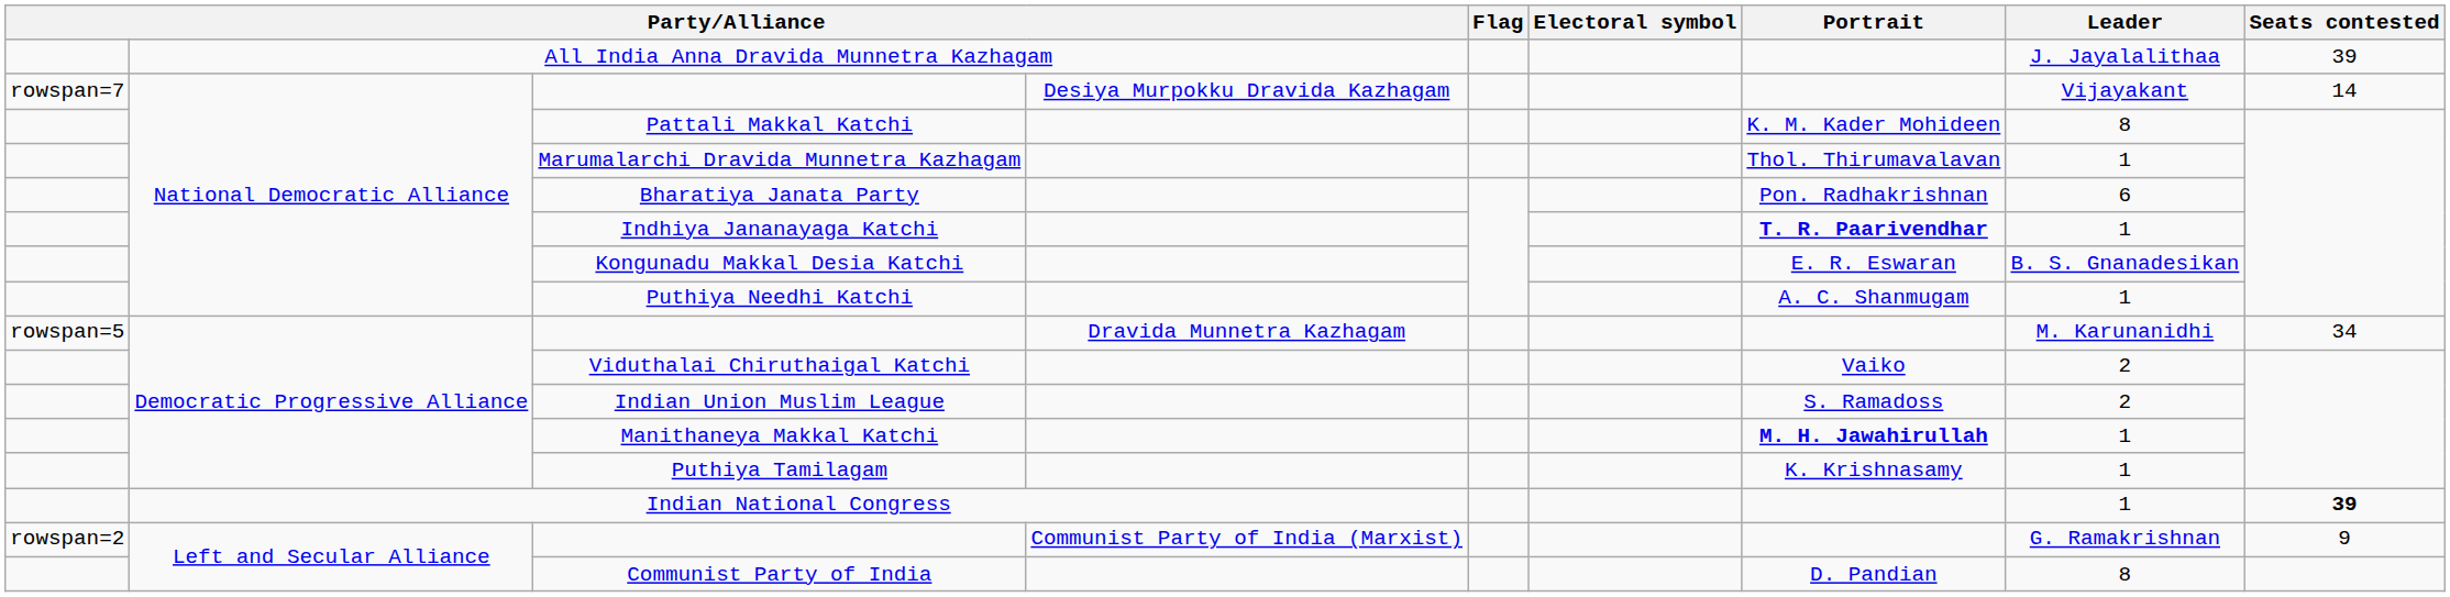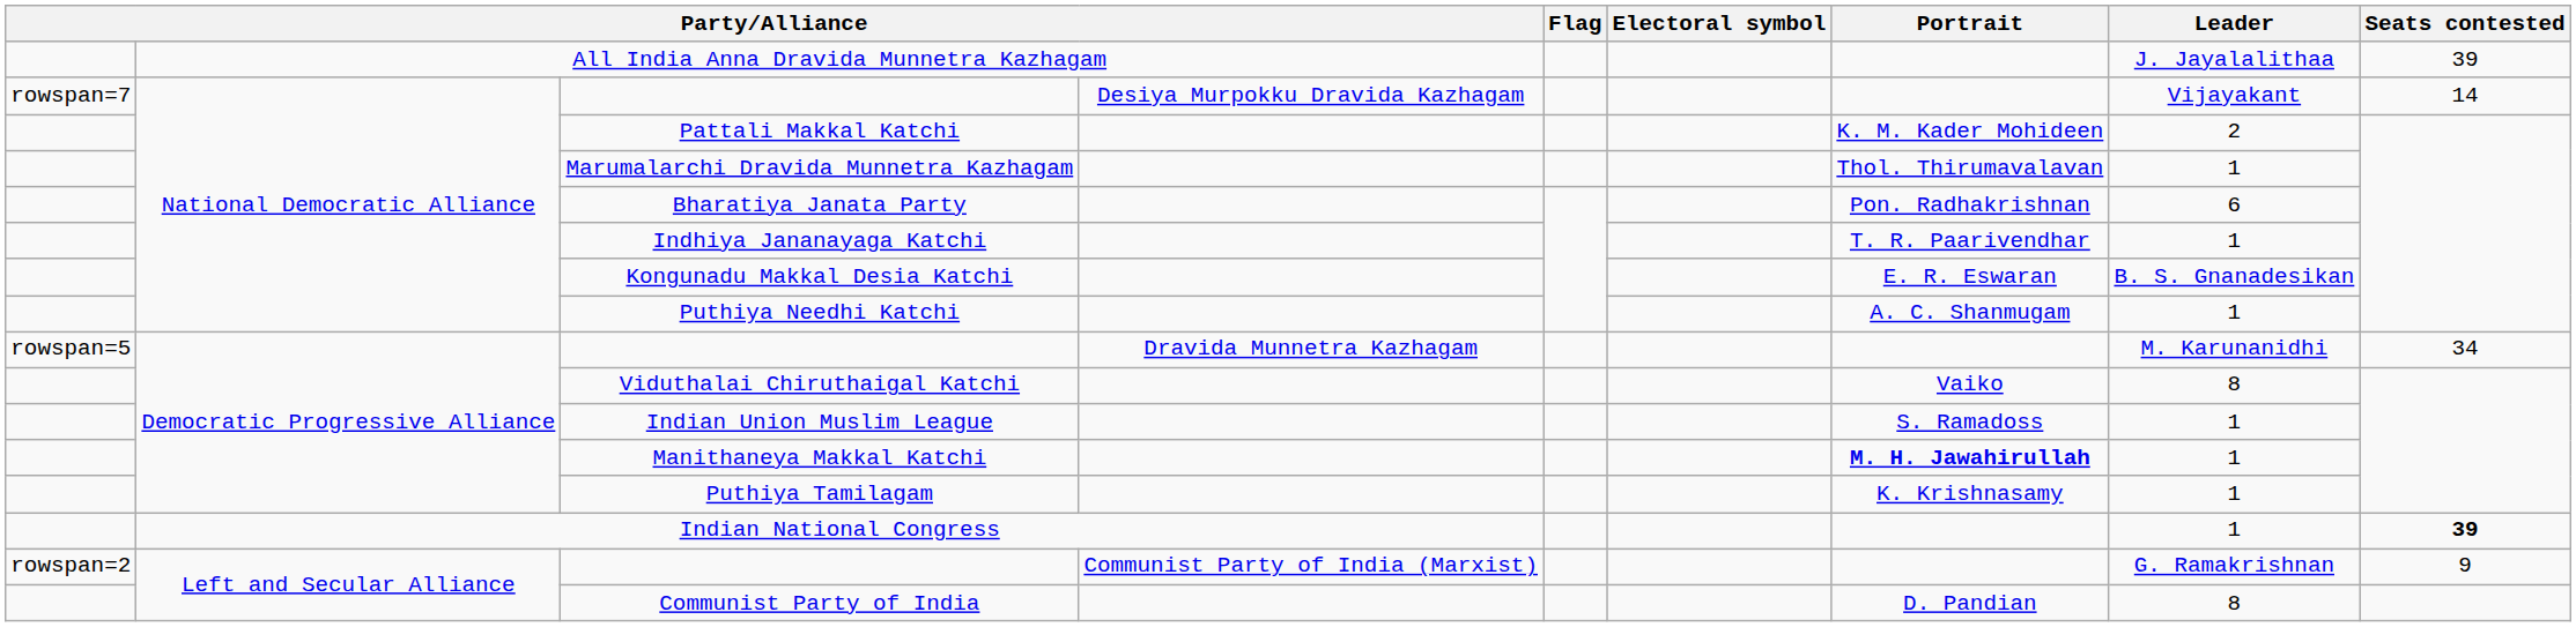 <table class="wikitable sortable" style="text-align:center;">
 <tr>
 <th colspan=4>Party/Alliance</th>
 <th>Flag</th>
 <th>Electoral symbol</th>
 <th>Portrait</th>
 <th>Leader</th>
 <th>Seats contested</th>
 </tr>
 <tr>
 <td></td>
 <td colspan=3><a href='#'>All India Anna Dravida Munnetra Kazhagam</a></td>
 <td></td>
 <td></td>
 <td></td>
 <td><a href='#'>J. Jayalalithaa</a></td>
 <td>39</td>
 </tr>
 <tr>
 <td>rowspan=7 </td>
 <td rowspan=7><a href='#'>National Democratic Alliance</a></td>
 <td></td>
 <td><a href='#'>Desiya Murpokku Dravida Kazhagam</a></td>
 <td></td>
 <td></td>
 <td></td>
 <td><a href='#'>Vijayakant</a></td>
 <td>14</td>
 </tr>
 <tr>
 <td></td>
 <td><a href='#'>Pattali Makkal Katchi</a></td>
 <td></td>
 <td></td>
 <td></td>
 <td><a href='#'>K. M. Kader Mohideen</a></td>
-<td>8</td>
+<td>2</td>
 </tr>
 <tr>
 <td></td>
 <td><a href='#'>Marumalarchi Dravida Munnetra Kazhagam</a></td>
 <td></td>
 <td></td>
 <td></td>
 <td><a href='#'>Thol. Thirumavalavan</a></td>
 <td>1</td>
 </tr>
 <tr>
 <td></td>
 <td><a href='#'>Bharatiya Janata Party</a></td>
 <td></td>
 <td rowspan=4></td>
 <td></td>
 <td><a href='#'>Pon. Radhakrishnan</a></td>
 <td>6</td>
 </tr>
 <tr>
 <td></td>
 <td><a href='#'>Indhiya Jananayaga Katchi</a></td>
 <td></td>
 <td></td>
-<td><strong><a href='#'>T. R. Paarivendhar</a></strong></td>
+<td><a href='#'>T. R. Paarivendhar</a></td>
 <td>1</td>
 </tr>
 <tr>
 <td></td>
 <td><a href='#'>Kongunadu Makkal Desia Katchi</a></td>
 <td></td>
 <td></td>
 <td><a href='#'>E. R. Eswaran</a></td>
 <td><a href='#'>B. S. Gnanadesikan</a></td>
 </tr>
 <tr>
 <td></td>
 <td><a href='#'>Puthiya Needhi Katchi</a></td>
 <td></td>
 <td></td>
 <td><a href='#'>A. C. Shanmugam</a></td>
 <td>1</td>
 </tr>
 <tr>
 <td>rowspan=5 </td>
 <td rowspan=5><a href='#'>Democratic Progressive Alliance</a></td>
 <td></td>
 <td><a href='#'>Dravida Munnetra Kazhagam</a></td>
 <td></td>
 <td></td>
 <td></td>
 <td><a href='#'>M. Karunanidhi</a></td>
 <td>34</td>
 </tr>
 <tr>
 <td></td>
 <td><a href='#'>Viduthalai Chiruthaigal Katchi</a></td>
 <td></td>
 <td></td>
 <td></td>
 <td><a href='#'>Vaiko</a></td>
-<td>2</td>
+<td>8</td>
 </tr>
 <tr>
 <td></td>
 <td><a href='#'>Indian Union Muslim League</a></td>
 <td></td>
 <td></td>
 <td></td>
 <td><a href='#'>S. Ramadoss</a></td>
-<td>2</td>
+<td>1</td>
 </tr>
 <tr>
 <td></td>
 <td><a href='#'>Manithaneya Makkal Katchi</a></td>
 <td></td>
 <td></td>
 <td></td>
 <td><strong><a href='#'>M. H. Jawahirullah</a></strong></td>
 <td>1</td>
 </tr>
 <tr>
 <td></td>
 <td><a href='#'>Puthiya Tamilagam</a></td>
 <td></td>
 <td></td>
 <td></td>
 <td><a href='#'>K. Krishnasamy</a></td>
 <td>1</td>
 </tr>
 <tr>
 <td></td>
 <td colspan=3><a href='#'>Indian National Congress</a></td>
 <td></td>
 <td></td>
 <td></td>
 <td>1</td>
 <td><strong>39</strong></td>
 </tr>
 <tr>
 <td>rowspan=2 </td>
 <td rowspan=2><a href='#'>Left and Secular Alliance</a></td>
 <td></td>
 <td><a href='#'>Communist Party of India (Marxist)</a></td>
 <td></td>
 <td></td>
 <td></td>
 <td><a href='#'>G. Ramakrishnan</a></td>
 <td>9</td>
 </tr>
 <tr>
 <td></td>
 <td><a href='#'>Communist Party of India</a></td>
 <td></td>
 <td></td>
 <td></td>
 <td><a href='#'>D. Pandian</a></td>
 <td>8</td>
 </tr>
 </table>
